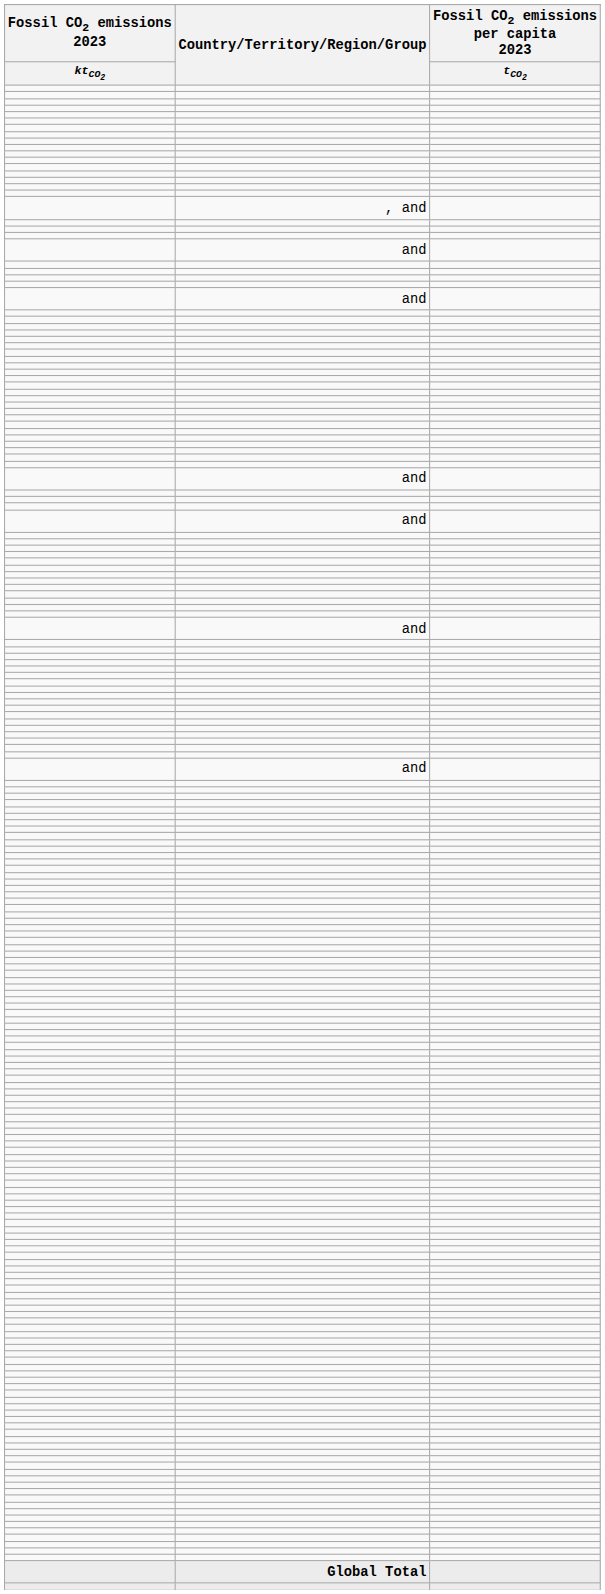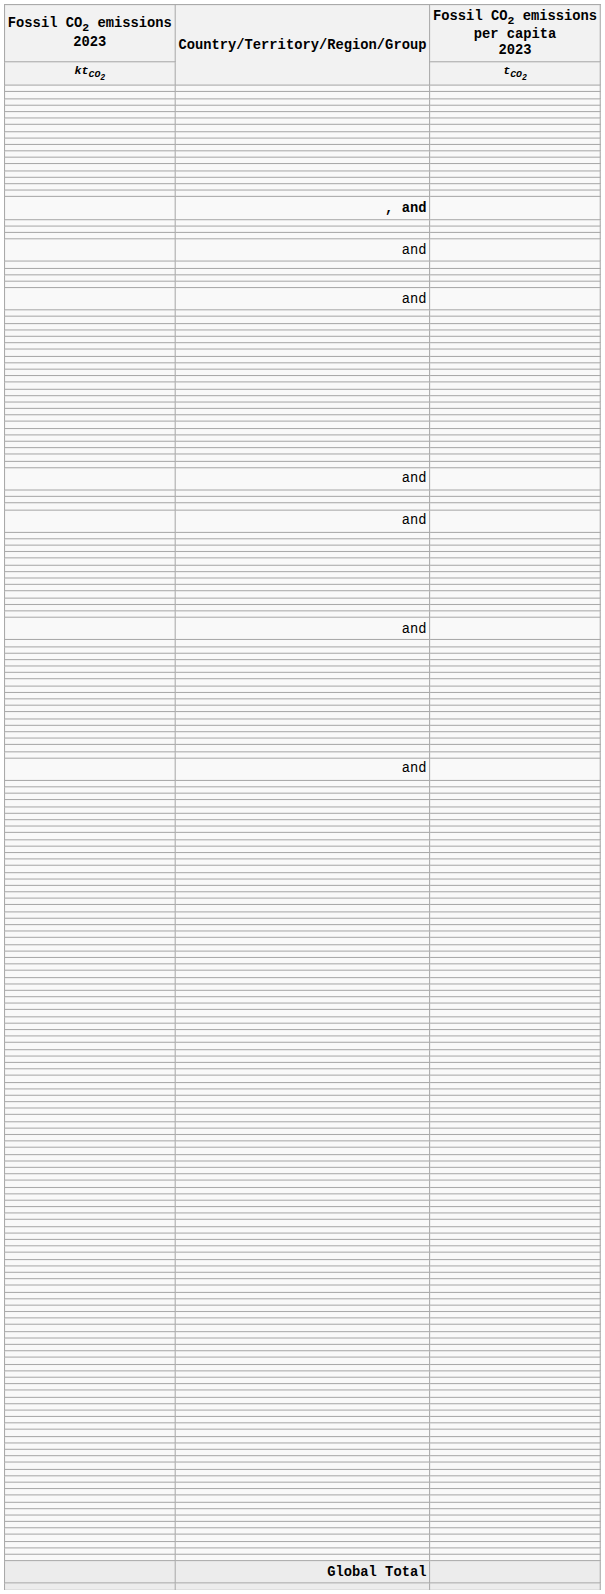 <table class="mw-datatable wikitable sortable sticky-header-multi static-row-numbers sort-under" style="text-align:right;">
 <tr>
 </tr>
 <tr>
 <th data-sort-type=number>Fossil CO<sub>2</sub> emissions<br>2023</th>
 <th rowspan=2 data-sort-type=text>Country/Territory/Region/Group</th>
 <th data-sort-type=number>Fossil CO<sub>2</sub> emissions<br>per capita<br>2023</th>
 </tr>
 <tr style="font-size:85%; font-style:italic;">
 <th data-sort-type=number>kt<sub>CO<sub>2</sub></sub></th>
 <th data-sort-type=number>t<sub>CO<sub>2</sub></sub></th>
 </tr>
 <tr>
 <td data-sort-value=100.00000></td>
 <td></td>
 <td></td>
 </tr>
 <tr>
 <td data-sort-value=35.31046></td>
 <td></td>
 <td></td>
 </tr>
 <tr>
 <td data-sort-value=22.28704></td>
 <td></td>
 <td></td>
 </tr>
 <tr>
 <td data-sort-value=15.60753></td>
 <td></td>
 <td></td>
 </tr>
 <tr>
 <td data-sort-value=7.12507></td>
 <td></td>
 <td></td>
 </tr>
 <tr>
 <td data-sort-value=5.87348></td>
 <td></td>
 <td></td>
 </tr>
 <tr>
 <td data-sort-value=5.08714></td>
 <td></td>
 <td></td>
 </tr>
 <tr>
 <td data-sort-value=4.69782></td>
 <td></td>
 <td></td>
 </tr>
 <tr>
 <td data-sort-value=4.39643></td>
 <td></td>
 <td></td>
 </tr>
 <tr>
 <td data-sort-value=4.33656></td>
 <td></td>
 <td></td>
 </tr>
 <tr>
 <td data-sort-value=4.32542></td>
 <td></td>
 <td></td>
 </tr>
 <tr>
 <td data-sort-value=3.67351></td>
 <td></td>
 <td></td>
 </tr>
 <tr>
 <td data-sort-value=3.61627></td>
 <td></td>
 <td></td>
 </tr>
 <tr>
 <td data-sort-value=3.30564></td>
 <td></td>
 <td></td>
 </tr>
 <tr>
 <td data-sort-value=2.99686></td>
 <td></td>
 <td></td>
 </tr>
 <tr>
 <td data-sort-value=2.81770></td>
 <td></td>
 <td></td>
 </tr>
 <tr>
 <td data-sort-value=2.81266></td>
 <td></td>
 <td></td>
 </tr>
 <tr>
 <td data-sort-value=2.30391></td>
-<td>,  and </td>
+<td><strong>,  and </strong></td>
 <td></td>
 </tr>
 <tr>
 <td data-sort-value=2.27837></td>
 <td></td>
 <td></td>
 </tr>
 <tr>
 <td data-sort-value=2.16376></td>
 <td></td>
 <td></td>
 </tr>
 <tr>
 <td data-sort-value=2.13674></td>
 <td></td>
 <td></td>
 </tr>
 <tr>
 <td data-sort-value=2.12998></td>
 <td> and </td>
 <td></td>
 </tr>
 <tr>
 <td data-sort-value=2.11052></td>
 <td></td>
 <td></td>
 </tr>
 <tr>
 <td data-sort-value=2.06763></td>
 <td></td>
 <td></td>
 </tr>
 <tr>
 <td data-sort-value=1.88038></td>
 <td></td>
 <td></td>
 </tr>
 <tr>
 <td data-sort-value=1.80900></td>
 <td></td>
 <td></td>
 </tr>
 <tr>
 <td data-sort-value=1.63852></td>
 <td> and </td>
 <td></td>
 </tr>
 <tr>
 <td data-sort-value=1.55352></td>
 <td></td>
 <td></td>
 </tr>
 <tr>
 <td data-sort-value=1.51218></td>
 <td></td>
 <td></td>
 </tr>
 <tr>
 <td data-sort-value=1.45485></td>
 <td></td>
 <td></td>
 </tr>
 <tr>
 <td data-sort-value=1.38600></td>
 <td></td>
 <td></td>
 </tr>
 <tr>
 <td data-sort-value=1.36020></td>
 <td></td>
 <td></td>
 </tr>
 <tr>
 <td data-sort-value=1.21639></td>
 <td></td>
 <td></td>
 </tr>
 <tr>
 <td data-sort-value=1.04000></td>
 <td></td>
 <td></td>
 </tr>
 <tr>
 <td data-sort-value=1.02716></td>
 <td></td>
 <td></td>
 </tr>
 <tr>
 <td data-sort-value=0.96490></td>
 <td></td>
 <td></td>
 </tr>
 <tr>
 <td data-sort-value=0.96464></td>
 <td></td>
 <td></td>
 </tr>
 <tr>
 <td data-sort-value=0.94115></td>
 <td></td>
 <td></td>
 </tr>
 <tr>
 <td data-sort-value=0.92666></td>
 <td></td>
 <td></td>
 </tr>
 <tr>
 <td data-sort-value=0.84190></td>
 <td></td>
 <td></td>
 </tr>
 <tr>
 <td data-sort-value=0.76067></td>
 <td></td>
 <td></td>
 </tr>
 <tr>
 <td data-sort-value=0.70209></td>
 <td></td>
 <td></td>
 </tr>
 <tr>
 <td data-sort-value=0.68262></td>
 <td></td>
 <td></td>
 </tr>
 <tr>
 <td data-sort-value=0.63799></td>
 <td></td>
 <td></td>
 </tr>
 <tr>
 <td data-sort-value=0.63581></td>
 <td></td>
 <td></td>
 </tr>
 <tr>
 <td data-sort-value=0.63350></td>
 <td></td>
 <td></td>
 </tr>
 <tr>
 <td data-sort-value=0.53375></td>
 <td></td>
 <td></td>
 </tr>
 <tr>
 <td data-sort-value=0.52685></td>
 <td></td>
 <td></td>
 </tr>
 <tr>
 <td data-sort-value=0.49766></td>
 <td></td>
 <td></td>
 </tr>
 <tr>
 <td data-sort-value=0.48474></td>
 <td></td>
 <td></td>
 </tr>
 <tr>
 <td data-sort-value=0.46199></td>
 <td></td>
 <td></td>
 </tr>
 <tr>
 <td data-sort-value=0.46197></td>
 <td> and </td>
 <td></td>
 </tr>
 <tr>
 <td data-sort-value=0.44357></td>
 <td></td>
 <td></td>
 </tr>
 <tr>
 <td data-sort-value=0.44046></td>
 <td></td>
 <td></td>
 </tr>
 <tr>
 <td data-sort-value=0.43039></td>
 <td></td>
 <td></td>
 </tr>
 <tr>
 <td data-sort-value=0.42325></td>
 <td> and </td>
 <td></td>
 </tr>
 <tr>
 <td data-sort-value=0.40858></td>
 <td></td>
 <td></td>
 </tr>
 <tr>
 <td data-sort-value=0.38971></td>
 <td></td>
 <td></td>
 </tr>
 <tr>
 <td data-sort-value=0.34185></td>
 <td></td>
 <td></td>
 </tr>
 <tr>
 <td data-sort-value=0.33233></td>
 <td></td>
 <td></td>
 </tr>
 <tr>
 <td data-sort-value=0.33052></td>
 <td></td>
 <td></td>
 </tr>
 <tr>
 <td data-sort-value=0.32253></td>
 <td></td>
 <td></td>
 </tr>
 <tr>
 <td data-sort-value=0.30010></td>
 <td></td>
 <td></td>
 </tr>
 <tr>
 <td data-sort-value=0.28225></td>
 <td></td>
 <td></td>
 </tr>
 <tr>
 <td data-sort-value=0.27279></td>
 <td></td>
 <td></td>
 </tr>
 <tr>
 <td data-sort-value=0.26996></td>
 <td></td>
 <td></td>
 </tr>
 <tr>
 <td data-sort-value=0.26692></td>
 <td></td>
 <td></td>
 </tr>
 <tr>
 <td data-sort-value=0.26291></td>
 <td></td>
 <td></td>
 </tr>
 <tr>
 <td data-sort-value=0.26149></td>
 <td></td>
 <td></td>
 </tr>
 <tr>
 <td data-sort-value=0.25809></td>
 <td> and </td>
 <td></td>
 </tr>
 <tr>
 <td data-sort-value=0.25165></td>
 <td></td>
 <td></td>
 </tr>
 <tr>
 <td data-sort-value=0.24497></td>
 <td></td>
 <td></td>
 </tr>
 <tr>
 <td data-sort-value=0.24336></td>
 <td></td>
 <td></td>
 </tr>
 <tr>
 <td data-sort-value=0.23754></td>
 <td></td>
 <td></td>
 </tr>
 <tr>
 <td data-sort-value=0.23644></td>
 <td></td>
 <td></td>
 </tr>
 <tr>
 <td data-sort-value=0.21290></td>
 <td></td>
 <td></td>
 </tr>
 <tr>
 <td data-sort-value=0.21205></td>
 <td></td>
 <td></td>
 </tr>
 <tr>
 <td data-sort-value=0.20526></td>
 <td></td>
 <td></td>
 </tr>
 <tr>
 <td data-sort-value=0.20191></td>
 <td></td>
 <td></td>
 </tr>
 <tr>
 <td data-sort-value=0.19624></td>
 <td></td>
 <td></td>
 </tr>
 <tr>
 <td data-sort-value=0.19303></td>
 <td></td>
 <td></td>
 </tr>
 <tr>
 <td data-sort-value=0.18224></td>
 <td></td>
 <td></td>
 </tr>
 <tr>
 <td data-sort-value=0.17954></td>
 <td></td>
 <td></td>
 </tr>
 <tr>
 <td data-sort-value=0.17783></td>
 <td></td>
 <td></td>
 </tr>
 <tr>
 <td data-sort-value=0.16642></td>
 <td></td>
 <td></td>
 </tr>
 <tr>
 <td data-sort-value=0.16589></td>
 <td></td>
 <td></td>
 </tr>
 <tr>
 <td data-sort-value=0.16391></td>
 <td></td>
 <td></td>
 </tr>
 <tr>
 <td data-sort-value=0.16101></td>
 <td></td>
 <td></td>
 </tr>
 <tr>
 <td data-sort-value=0.16044></td>
 <td> and </td>
 <td></td>
 </tr>
 <tr>
 <td data-sort-value=0.15474></td>
 <td></td>
 <td></td>
 </tr>
 <tr>
 <td data-sort-value=0.14611></td>
 <td></td>
 <td></td>
 </tr>
 <tr>
 <td data-sort-value=0.13552></td>
 <td></td>
 <td></td>
 </tr>
 <tr>
 <td data-sort-value=0.13525></td>
 <td></td>
 <td></td>
 </tr>
 <tr>
 <td data-sort-value=0.13165></td>
 <td></td>
 <td></td>
 </tr>
 <tr>
 <td data-sort-value=0.13071></td>
 <td></td>
 <td></td>
 </tr>
 <tr>
 <td data-sort-value=0.12600></td>
 <td></td>
 <td></td>
 </tr>
 <tr>
 <td data-sort-value=0.11102></td>
 <td></td>
 <td></td>
 </tr>
 <tr>
 <td data-sort-value=0.10869></td>
 <td></td>
 <td></td>
 </tr>
 <tr>
 <td data-sort-value=0.10419></td>
 <td></td>
 <td></td>
 </tr>
 <tr>
 <td data-sort-value=0.09891></td>
 <td></td>
 <td></td>
 </tr>
 <tr>
 <td data-sort-value=0.09701></td>
 <td></td>
 <td></td>
 </tr>
 <tr>
 <td data-sort-value=0.09108></td>
 <td></td>
 <td></td>
 </tr>
 <tr>
 <td data-sort-value=0.09068></td>
 <td></td>
 <td></td>
 </tr>
 <tr>
 <td data-sort-value=0.08857></td>
 <td></td>
 <td></td>
 </tr>
 <tr>
 <td data-sort-value=0.08625></td>
 <td></td>
 <td></td>
 </tr>
 <tr>
 <td data-sort-value=0.08255></td>
 <td></td>
 <td></td>
 </tr>
 <tr>
 <td data-sort-value=0.08220></td>
 <td></td>
 <td></td>
 </tr>
 <tr>
 <td data-sort-value=0.08112></td>
 <td></td>
 <td></td>
 </tr>
 <tr>
 <td data-sort-value=0.07892></td>
 <td></td>
 <td></td>
 </tr>
 <tr>
 <td data-sort-value=0.07488></td>
 <td></td>
 <td></td>
 </tr>
 <tr>
 <td data-sort-value=0.07346></td>
 <td></td>
 <td></td>
 </tr>
 <tr>
 <td data-sort-value=0.07328></td>
 <td></td>
 <td></td>
 </tr>
 <tr>
 <td data-sort-value=0.07020></td>
 <td></td>
 <td></td>
 </tr>
 <tr>
 <td data-sort-value=0.06650></td>
 <td></td>
 <td></td>
 </tr>
 <tr>
 <td data-sort-value=0.06609></td>
 <td></td>
 <td></td>
 </tr>
 <tr>
 <td data-sort-value=0.06567></td>
 <td></td>
 <td></td>
 </tr>
 <tr>
 <td data-sort-value=0.06466></td>
 <td></td>
 <td></td>
 </tr>
 <tr>
 <td data-sort-value=0.06320></td>
 <td></td>
 <td></td>
 </tr>
 <tr>
 <td data-sort-value=0.06225></td>
 <td></td>
 <td></td>
 </tr>
 <tr>
 <td data-sort-value=0.06078></td>
 <td></td>
 <td></td>
 </tr>
 <tr>
 <td data-sort-value=0.05826></td>
 <td></td>
 <td></td>
 </tr>
 <tr>
 <td data-sort-value=0.05599></td>
 <td></td>
 <td></td>
 </tr>
 <tr>
 <td data-sort-value=0.05468></td>
 <td></td>
 <td></td>
 </tr>
 <tr>
 <td data-sort-value=0.05443></td>
 <td></td>
 <td></td>
 </tr>
 <tr>
 <td data-sort-value=0.05417></td>
 <td></td>
 <td></td>
 </tr>
 <tr>
 <td data-sort-value=0.05285></td>
 <td></td>
 <td></td>
 </tr>
 <tr>
 <td data-sort-value=0.05177></td>
 <td></td>
 <td></td>
 </tr>
 <tr>
 <td data-sort-value=0.05023></td>
 <td></td>
 <td></td>
 </tr>
 <tr>
 <td data-sort-value=0.04941></td>
 <td></td>
 <td></td>
 </tr>
 <tr>
 <td data-sort-value=0.04863></td>
 <td></td>
 <td></td>
 </tr>
 <tr>
 <td data-sort-value=0.04855></td>
 <td></td>
 <td></td>
 </tr>
 <tr>
 <td data-sort-value=0.04682></td>
 <td> </td>
 <td></td>
 </tr>
 <tr>
 <td data-sort-value=0.04524></td>
 <td></td>
 <td></td>
 </tr>
 <tr>
 <td data-sort-value=0.04489></td>
 <td></td>
 <td></td>
 </tr>
 <tr>
 <td data-sort-value=0.04318></td>
 <td></td>
 <td></td>
 </tr>
 <tr>
 <td data-sort-value=0.03716></td>
 <td></td>
 <td></td>
 </tr>
 <tr>
 <td data-sort-value=0.03507></td>
 <td></td>
 <td></td>
 </tr>
 <tr>
 <td data-sort-value=0.03463></td>
 <td></td>
 <td></td>
 </tr>
 <tr>
 <td data-sort-value=0.03292></td>
 <td></td>
 <td></td>
 </tr>
 <tr>
 <td data-sort-value=0.03178></td>
 <td></td>
 <td></td>
 </tr>
 <tr>
 <td data-sort-value=0.03091></td>
 <td></td>
 <td></td>
 </tr>
 <tr>
 <td data-sort-value=0.02865></td>
 <td></td>
 <td></td>
 </tr>
 <tr>
 <td data-sort-value=0.02848></td>
 <td></td>
 <td></td>
 </tr>
 <tr>
 <td data-sort-value=0.02802></td>
 <td></td>
 <td></td>
 </tr>
 <tr>
 <td data-sort-value=0.02667></td>
 <td></td>
 <td></td>
 </tr>
 <tr>
 <td data-sort-value=0.02492></td>
 <td></td>
 <td></td>
 </tr>
 <tr>
 <td data-sort-value=0.02328></td>
 <td></td>
 <td></td>
 </tr>
 <tr>
 <td data-sort-value=0.02272></td>
 <td></td>
 <td></td>
 </tr>
 <tr>
 <td data-sort-value=0.02169></td>
 <td></td>
 <td></td>
 </tr>
 <tr>
 <td data-sort-value=0.02129></td>
 <td></td>
 <td></td>
 </tr>
 <tr>
 <td data-sort-value=0.01982></td>
 <td></td>
 <td></td>
 </tr>
 <tr>
 <td data-sort-value=0.01939></td>
 <td></td>
 <td></td>
 </tr>
 <tr>
 <td data-sort-value=0.01939></td>
 <td></td>
 <td></td>
 </tr>
 <tr>
 <td data-sort-value=0.01880></td>
 <td></td>
 <td></td>
 </tr>
 <tr>
 <td data-sort-value=0.01836></td>
 <td></td>
 <td></td>
 </tr>
 <tr>
 <td data-sort-value=0.01667></td>
 <td></td>
 <td></td>
 </tr>
 <tr>
 <td data-sort-value=0.01498></td>
 <td></td>
 <td></td>
 </tr>
 <tr>
 <td data-sort-value=0.01270></td>
 <td></td>
 <td></td>
 </tr>
 <tr>
 <td data-sort-value=0.01270></td>
 <td></td>
 <td></td>
 </tr>
 <tr>
 <td data-sort-value=0.01241></td>
 <td></td>
 <td></td>
 </tr>
 <tr>
 <td data-sort-value=0.01234></td>
 <td></td>
 <td></td>
 </tr>
 <tr>
 <td data-sort-value=0.01086></td>
 <td></td>
 <td></td>
 </tr>
 <tr>
 <td data-sort-value=0.01048></td>
 <td></td>
 <td></td>
 </tr>
 <tr>
 <td data-sort-value=0.00949></td>
 <td></td>
 <td></td>
 </tr>
 <tr>
 <td data-sort-value=0.00933></td>
 <td></td>
 <td></td>
 </tr>
 <tr>
 <td data-sort-value=0.00880></td>
 <td></td>
 <td></td>
 </tr>
 <tr>
 <td data-sort-value=0.00823></td>
 <td></td>
 <td></td>
 </tr>
 <tr>
 <td data-sort-value=0.00811></td>
 <td></td>
 <td></td>
 </tr>
 <tr>
 <td data-sort-value=0.00759></td>
 <td></td>
 <td></td>
 </tr>
 <tr>
 <td data-sort-value=0.00662></td>
 <td></td>
 <td></td>
 </tr>
 <tr>
 <td data-sort-value=0.00655></td>
 <td></td>
 <td></td>
 </tr>
 <tr>
 <td data-sort-value=0.00637></td>
 <td></td>
 <td></td>
 </tr>
 <tr>
 <td data-sort-value=0.00600></td>
 <td></td>
 <td></td>
 </tr>
 <tr>
 <td data-sort-value=0.00565></td>
 <td></td>
 <td></td>
 </tr>
 <tr>
 <td data-sort-value=0.00530></td>
 <td></td>
 <td></td>
 </tr>
 <tr>
 <td data-sort-value=0.00519></td>
 <td></td>
 <td></td>
 </tr>
 <tr>
 <td data-sort-value=0.00504></td>
 <td></td>
 <td></td>
 </tr>
 <tr>
 <td data-sort-value=0.00457></td>
 <td></td>
 <td></td>
 </tr>
 <tr>
 <td data-sort-value=0.00439></td>
 <td></td>
 <td></td>
 </tr>
 <tr>
 <td data-sort-value=0.00400></td>
 <td></td>
 <td></td>
 </tr>
 <tr>
 <td data-sort-value=0.00353></td>
 <td></td>
 <td></td>
 </tr>
 <tr>
 <td data-sort-value=0.00316></td>
 <td></td>
 <td></td>
 </tr>
 <tr>
 <td data-sort-value=0.00288></td>
 <td></td>
 <td></td>
 </tr>
 <tr>
 <td data-sort-value=0.00278></td>
 <td></td>
 <td></td>
 </tr>
 <tr>
 <td data-sort-value=0.00270></td>
 <td></td>
 <td></td>
 </tr>
 <tr>
 <td data-sort-value=0.00264></td>
 <td></td>
 <td></td>
 </tr>
 <tr>
 <td data-sort-value=0.00261></td>
 <td></td>
 <td></td>
 </tr>
 <tr>
 <td data-sort-value=0.00244></td>
 <td></td>
 <td></td>
 </tr>
 <tr>
 <td data-sort-value=0.00240></td>
 <td></td>
 <td></td>
 </tr>
 <tr>
 <td data-sort-value=0.00224></td>
 <td></td>
 <td></td>
 </tr>
 <tr>
 <td data-sort-value=0.00217></td>
 <td></td>
 <td></td>
 </tr>
 <tr>
 <td data-sort-value=0.00210></td>
 <td></td>
 <td></td>
 </tr>
 <tr>
 <td data-sort-value=0.00200></td>
 <td></td>
 <td></td>
 </tr>
 <tr>
 <td data-sort-value=0.00166></td>
 <td></td>
 <td></td>
 </tr>
 <tr>
 <td data-sort-value=0.00161></td>
 <td></td>
 <td></td>
 </tr>
 <tr>
 <td data-sort-value=0.00108></td>
 <td></td>
 <td></td>
 </tr>
 <tr>
 <td data-sort-value=0.00107></td>
 <td></td>
 <td></td>
 </tr>
 <tr>
 <td data-sort-value=0.00090></td>
 <td></td>
 <td></td>
 </tr>
 <tr>
 <td data-sort-value=0.00078></td>
 <td></td>
 <td></td>
 </tr>
 <tr>
 <td data-sort-value=0.00073></td>
 <td></td>
 <td></td>
 </tr>
 <tr>
 <td data-sort-value=0.00073></td>
 <td></td>
 <td></td>
 </tr>
 <tr>
 <td data-sort-value=0.00060></td>
 <td></td>
 <td></td>
 </tr>
 <tr>
 <td data-sort-value=0.00057></td>
 <td></td>
 <td></td>
 </tr>
 <tr>
 <td data-sort-value=0.00030></td>
 <td></td>
 <td></td>
 </tr>
 <tr>
 <td data-sort-value=0.00017></td>
 <td></td>
 <td></td>
 </tr>
 <tr>
 <td data-sort-value=0.00015></td>
 <td></td>
 <td></td>
 </tr>
 <tr>
 <td data-sort-value=0.00013></td>
 <td></td>
 <td></td>
 </tr>
 <tr>
 <td data-sort-value=0.00002></td>
 <td></td>
 <td></td>
 </tr>
 <tr class="sortbottom static-row-header" style="background-color:#ececec; font-weight:bold;">
 <td></td>
 <td> Global Total</td>
 <td></td>
 </tr>
 <tr class="sortbottom static-row-header" style="background-color:#ececec;">
 <td></td>
 <td></td>
 <td></td>
 </tr>
 </table>
